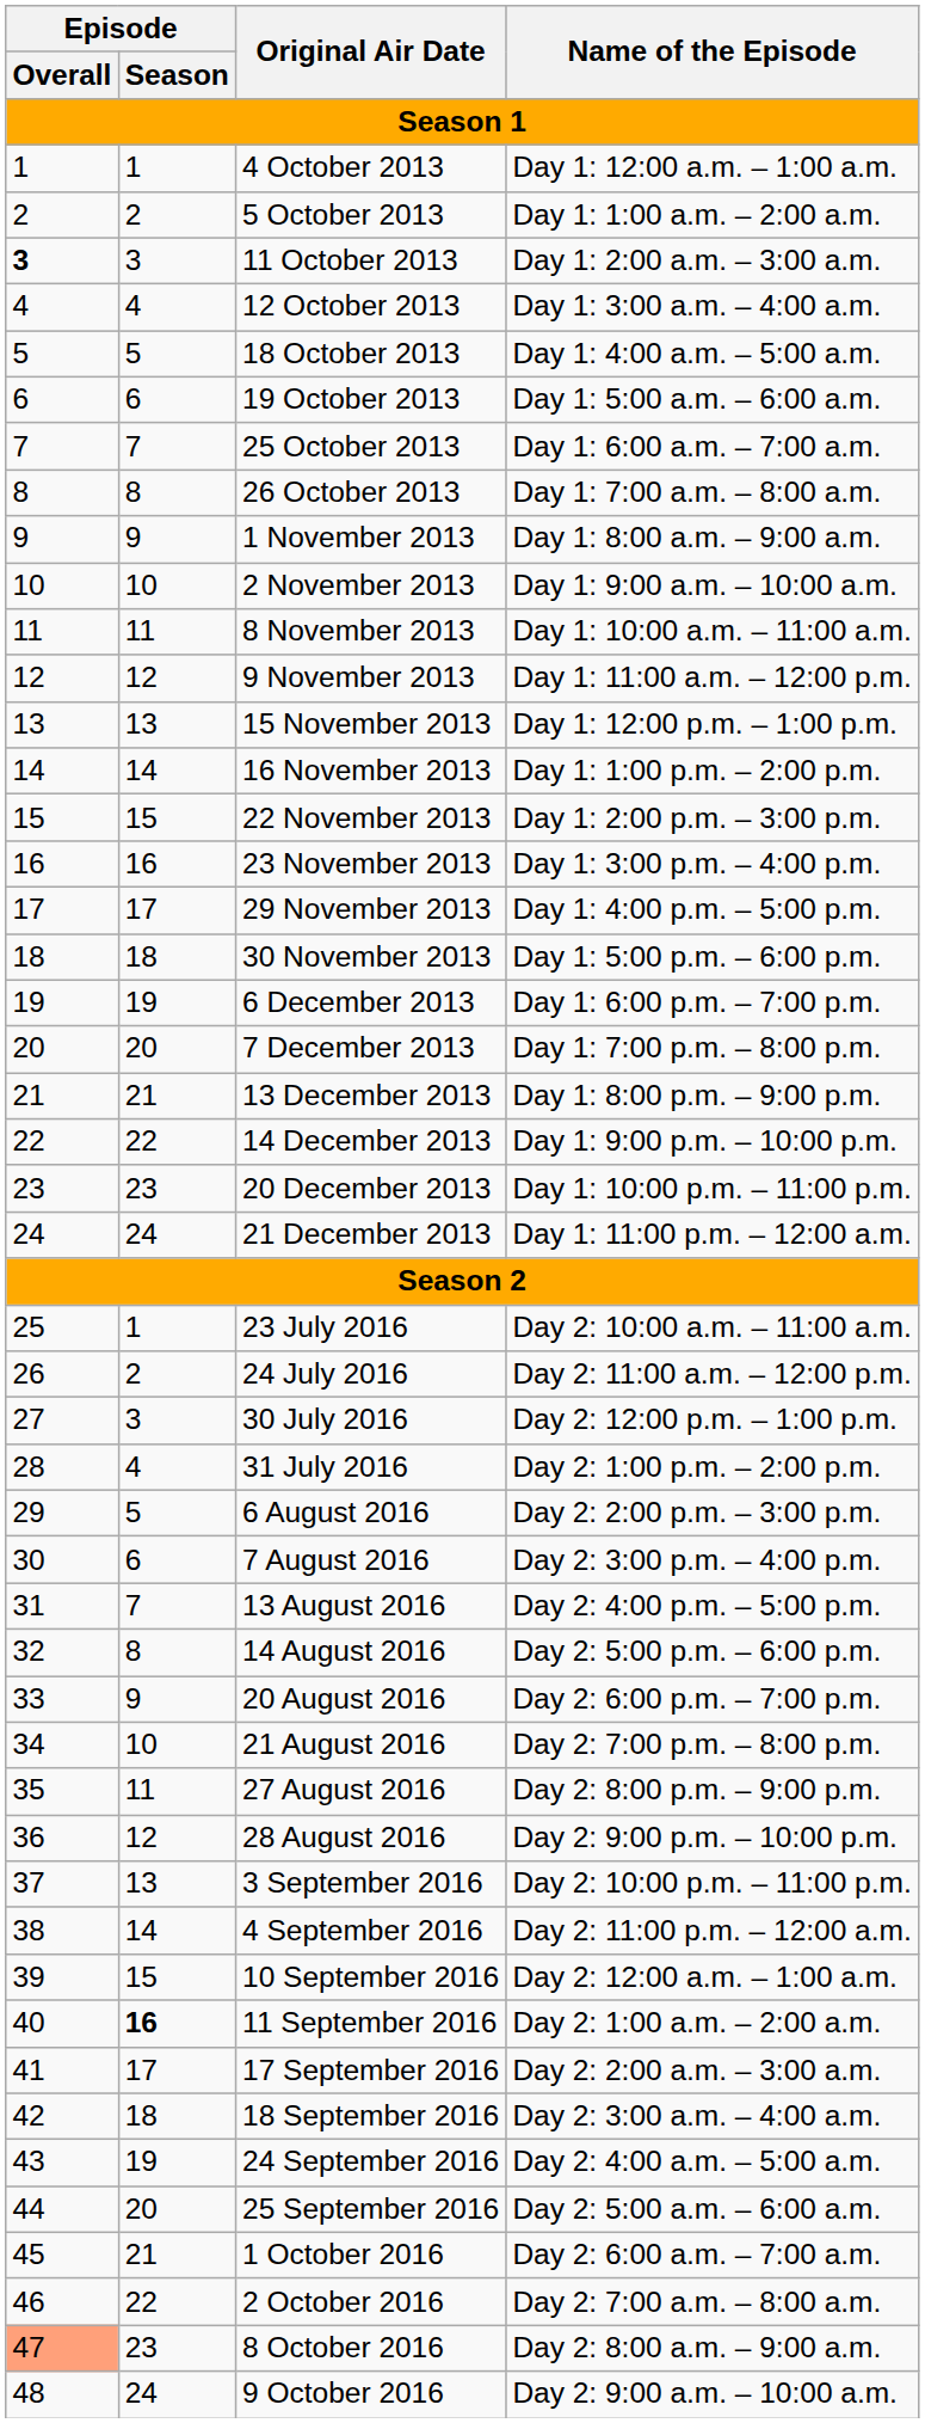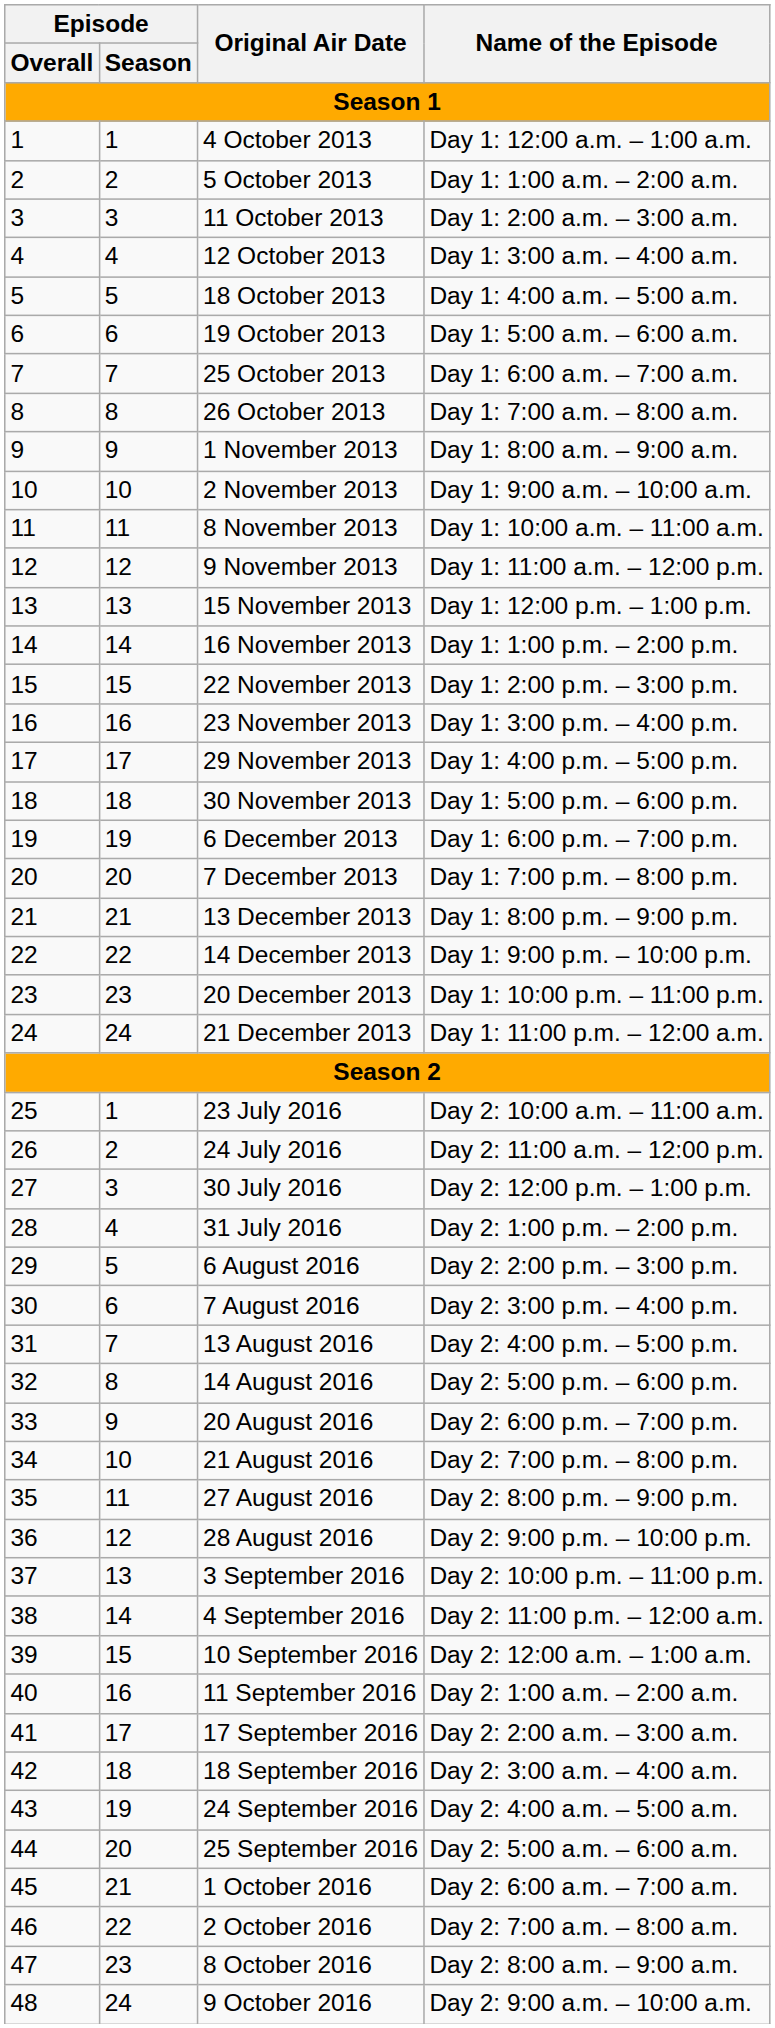 <table class="wikitable">
 <tr>
 <th colspan="2" scope="col">Episode</th>
 <th scope="col" rowspan="2">Original Air Date</th>
 <th scope="col" rowspan="2">Name of the Episode</th>
 </tr>
 <tr>
 <th scope="col">Overall</th>
 <th scope="col">Season</th>
 </tr>
 <tr>
 <th colspan=4 rowspan= 1 style="background:#FFAA00; text-align:center"><strong>Season 1</strong></th>
 </tr>
 <tr>
 <td>1</td>
 <td>1</td>
 <td>4 October 2013</td>
 <td>Day 1: 12:00 a.m. – 1:00 a.m.</td>
 </tr>
 <tr>
 <td>2</td>
 <td>2</td>
 <td>5 October 2013</td>
 <td>Day 1: 1:00 a.m. – 2:00 a.m.</td>
 </tr>
 <tr>
-<td><strong>3</strong></td>
+<td>3</td>
 <td>3</td>
 <td>11 October 2013</td>
 <td>Day 1: 2:00 a.m. – 3:00 a.m.</td>
 </tr>
 <tr>
 <td>4</td>
 <td>4</td>
 <td>12 October 2013</td>
 <td>Day 1: 3:00 a.m. – 4:00 a.m.</td>
 </tr>
 <tr>
 <td>5</td>
 <td>5</td>
 <td>18 October 2013</td>
 <td>Day 1: 4:00 a.m. – 5:00 a.m.</td>
 </tr>
 <tr>
 <td>6</td>
 <td>6</td>
 <td>19 October 2013</td>
 <td>Day 1: 5:00 a.m. – 6:00 a.m.</td>
 </tr>
 <tr>
 <td>7</td>
 <td>7</td>
 <td>25 October 2013</td>
 <td>Day 1: 6:00 a.m. – 7:00 a.m.</td>
 </tr>
 <tr>
 <td>8</td>
 <td>8</td>
 <td>26 October 2013</td>
 <td>Day 1: 7:00 a.m. – 8:00 a.m.</td>
 </tr>
 <tr>
 <td>9</td>
 <td>9</td>
 <td>1 November 2013</td>
 <td>Day 1: 8:00 a.m. – 9:00 a.m.</td>
 </tr>
 <tr>
 <td>10</td>
 <td>10</td>
 <td>2 November 2013</td>
 <td>Day 1: 9:00 a.m. – 10:00 a.m.</td>
 </tr>
 <tr>
 <td>11</td>
 <td>11</td>
 <td>8 November 2013</td>
 <td>Day 1: 10:00 a.m. – 11:00 a.m.</td>
 </tr>
 <tr>
 <td>12</td>
 <td>12</td>
 <td>9 November 2013</td>
 <td>Day 1: 11:00 a.m. – 12:00 p.m.</td>
 </tr>
 <tr>
 <td>13</td>
 <td>13</td>
 <td>15 November 2013</td>
 <td>Day 1: 12:00 p.m. – 1:00 p.m.</td>
 </tr>
 <tr>
 <td>14</td>
 <td>14</td>
 <td>16 November 2013</td>
 <td>Day 1: 1:00 p.m. – 2:00 p.m.</td>
 </tr>
 <tr>
 <td>15</td>
 <td>15</td>
 <td>22 November 2013</td>
 <td>Day 1: 2:00 p.m. – 3:00 p.m.</td>
 </tr>
 <tr>
 <td>16</td>
 <td>16</td>
 <td>23 November 2013</td>
 <td>Day 1: 3:00 p.m. – 4:00 p.m.</td>
 </tr>
 <tr>
 <td>17</td>
 <td>17</td>
 <td>29 November 2013</td>
 <td>Day 1: 4:00 p.m. – 5:00 p.m.</td>
 </tr>
 <tr>
 <td>18</td>
 <td>18</td>
 <td>30 November 2013</td>
 <td>Day 1: 5:00 p.m. – 6:00 p.m.</td>
 </tr>
 <tr>
 <td>19</td>
 <td>19</td>
 <td>6 December 2013</td>
 <td>Day 1: 6:00 p.m. – 7:00 p.m.</td>
 </tr>
 <tr>
 <td>20</td>
 <td>20</td>
 <td>7 December 2013</td>
 <td>Day 1: 7:00 p.m. – 8:00 p.m.</td>
 </tr>
 <tr>
 <td>21</td>
 <td>21</td>
 <td>13 December 2013</td>
 <td>Day 1: 8:00 p.m. – 9:00 p.m.</td>
 </tr>
 <tr>
 <td>22</td>
 <td>22</td>
 <td>14 December 2013</td>
 <td>Day 1: 9:00 p.m. – 10:00 p.m.</td>
 </tr>
 <tr>
 <td>23</td>
 <td>23</td>
 <td>20 December 2013</td>
 <td>Day 1: 10:00 p.m. – 11:00 p.m.</td>
 </tr>
 <tr>
 <td>24</td>
 <td>24</td>
 <td>21 December 2013</td>
 <td>Day 1: 11:00 p.m. – 12:00 a.m.</td>
 </tr>
 <tr>
 <th colspan=4 rowspan= 1 style="background:#FFAA00; text-align:center"><strong>Season 2</strong></th>
 </tr>
 <tr>
 <td>25</td>
 <td>1</td>
 <td>23 July 2016</td>
 <td>Day 2: 10:00 a.m. – 11:00 a.m.</td>
 </tr>
 <tr>
 <td>26</td>
 <td>2</td>
 <td>24 July 2016</td>
 <td>Day 2: 11:00 a.m. – 12:00 p.m.</td>
 </tr>
 <tr>
 <td>27</td>
 <td>3</td>
 <td>30 July 2016</td>
 <td>Day 2: 12:00 p.m. – 1:00 p.m.</td>
 </tr>
 <tr>
 <td>28</td>
 <td>4</td>
 <td>31 July 2016</td>
 <td>Day 2: 1:00 p.m. – 2:00 p.m.</td>
 </tr>
 <tr>
 <td>29</td>
 <td>5</td>
 <td>6 August 2016</td>
 <td>Day 2: 2:00 p.m. – 3:00 p.m.</td>
 </tr>
 <tr>
 <td>30</td>
 <td>6</td>
 <td>7 August 2016</td>
 <td>Day 2: 3:00 p.m. – 4:00 p.m.</td>
 </tr>
 <tr>
 <td>31</td>
 <td>7</td>
 <td>13 August 2016</td>
 <td>Day 2: 4:00 p.m. – 5:00 p.m.</td>
 </tr>
 <tr>
 <td>32</td>
 <td>8</td>
 <td>14 August 2016</td>
 <td>Day 2: 5:00 p.m. – 6:00 p.m.</td>
 </tr>
 <tr>
 <td>33</td>
 <td>9</td>
 <td>20 August 2016</td>
 <td>Day 2: 6:00 p.m. – 7:00 p.m.</td>
 </tr>
 <tr>
 <td>34</td>
 <td>10</td>
 <td>21 August 2016</td>
 <td>Day 2: 7:00 p.m. – 8:00 p.m.</td>
 </tr>
 <tr>
 <td>35</td>
 <td>11</td>
 <td>27 August 2016</td>
 <td>Day 2: 8:00 p.m. – 9:00 p.m.</td>
 </tr>
 <tr>
 <td>36</td>
 <td>12</td>
 <td>28 August 2016</td>
 <td>Day 2: 9:00 p.m. – 10:00 p.m.</td>
 </tr>
 <tr>
 <td>37</td>
 <td>13</td>
 <td>3 September 2016</td>
 <td>Day 2: 10:00 p.m. – 11:00 p.m.</td>
 </tr>
 <tr>
 <td>38</td>
 <td>14</td>
 <td>4 September 2016</td>
 <td>Day 2: 11:00 p.m. – 12:00 a.m.</td>
 </tr>
 <tr>
 <td>39</td>
 <td>15</td>
 <td>10 September 2016</td>
 <td>Day 2: 12:00 a.m. – 1:00 a.m.</td>
 </tr>
 <tr>
 <td>40</td>
-<td><strong>16</strong></td>
+<td>16</td>
 <td>11 September 2016</td>
 <td>Day 2: 1:00 a.m. – 2:00 a.m.</td>
 </tr>
 <tr>
 <td>41</td>
 <td>17</td>
 <td>17 September 2016</td>
 <td>Day 2: 2:00 a.m. – 3:00 a.m.</td>
 </tr>
 <tr>
 <td>42</td>
 <td>18</td>
 <td>18 September 2016</td>
 <td>Day 2: 3:00 a.m. – 4:00 a.m.</td>
 </tr>
 <tr>
 <td>43</td>
 <td>19</td>
 <td>24 September 2016</td>
 <td>Day 2: 4:00 a.m. – 5:00 a.m.</td>
 </tr>
 <tr>
 <td>44</td>
 <td>20</td>
 <td>25 September 2016</td>
 <td>Day 2: 5:00 a.m. – 6:00 a.m.</td>
 </tr>
 <tr>
 <td>45</td>
 <td>21</td>
 <td>1 October 2016</td>
 <td>Day 2: 6:00 a.m. – 7:00 a.m.</td>
 </tr>
 <tr>
 <td>46</td>
 <td>22</td>
 <td>2 October 2016</td>
 <td>Day 2: 7:00 a.m. – 8:00 a.m.</td>
 </tr>
 <tr>
-<td style="background: lightsalmon;">47</td>
+<td>47</td>
 <td>23</td>
 <td>8 October 2016</td>
 <td>Day 2: 8:00 a.m. – 9:00 a.m.</td>
 </tr>
 <tr>
 <td>48</td>
 <td>24</td>
 <td>9 October 2016</td>
 <td>Day 2: 9:00 a.m. – 10:00 a.m.</td>
 </tr>
 </table>
